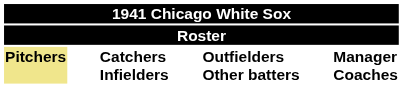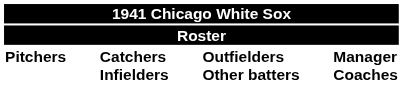 <table class="toccolours" style="font-size: 95%;">
 <tr>
 <th colspan="10" style="background-color: black; color: white; text-align: center;">1941 Chicago White Sox</th>
 </tr>
 <tr>
 <td colspan="10" style="background-color: black; color: white; text-align: center;"><strong>Roster</strong></td>
 </tr>
 <tr>
-<td valign="top" style="background: khaki;"><strong>Pitchers</strong><br>          </td>
+<td valign="top"><strong>Pitchers</strong><br>          </td>
 <td width="25px"></td>
 <td valign="top"><strong>Catchers</strong><br>   <strong>Infielders</strong>        </td>
 <td width="25px"></td>
 <td valign="top"><strong>Outfielders</strong><br>        <strong>Other batters</strong>  </td>
 <td width="25px"></td>
 <td valign="top"><strong>Manager</strong><br> <strong>Coaches</strong>   </td>
 </tr>
 </table>
